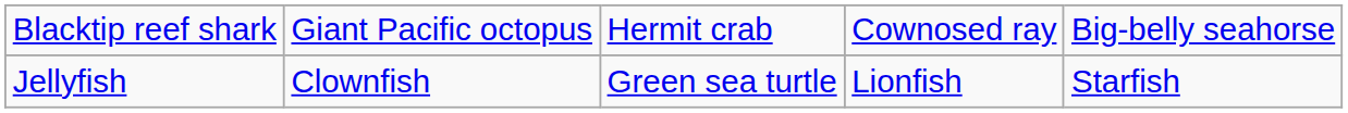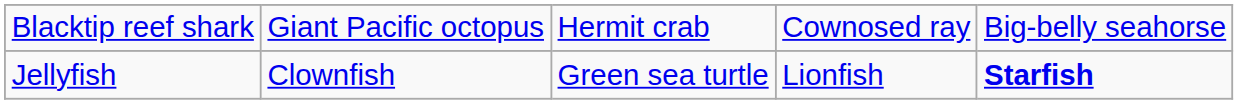 <table class="wikitable">
 <tr>
 <td><a href='#'>Blacktip reef shark</a></td>
 <td><a href='#'>Giant Pacific octopus</a></td>
 <td><a href='#'>Hermit crab</a></td>
 <td><a href='#'>Cownosed ray</a></td>
 <td><a href='#'>Big-belly seahorse</a></td>
 </tr>
 <tr>
 <td><a href='#'>Jellyfish</a></td>
 <td><a href='#'>Clownfish</a></td>
 <td><a href='#'>Green sea turtle</a></td>
 <td><a href='#'>Lionfish</a></td>
-<td><a href='#'>Starfish</a></td>
+<td><strong><a href='#'>Starfish</a></strong></td>
 </tr>
 </table>
